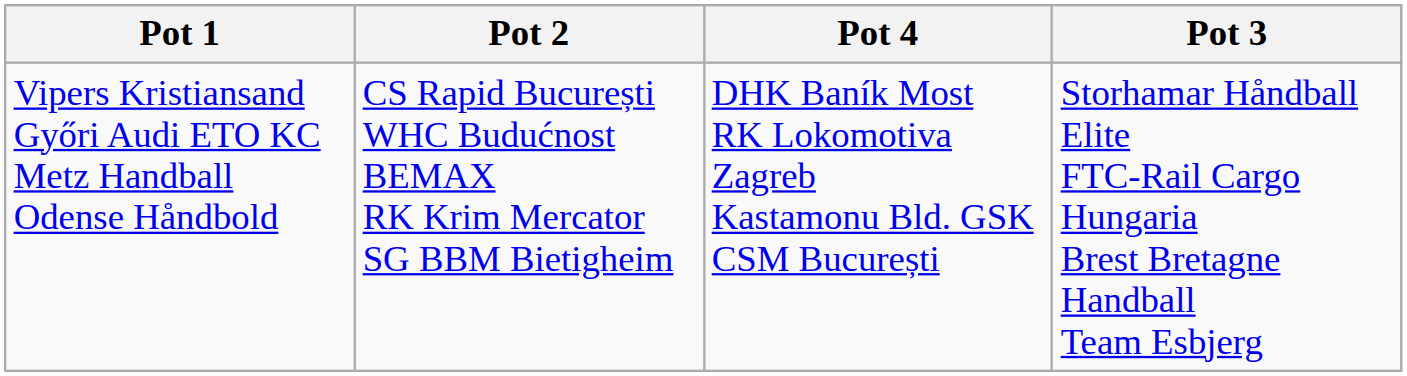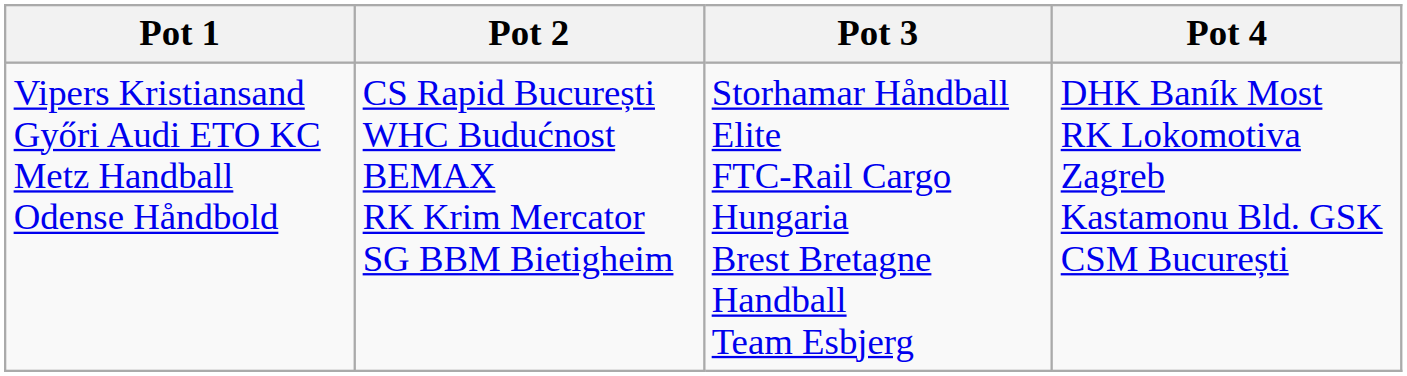 <table class="wikitable">
 <tr>
 <th style="width:25%;">Pot 1</th>
 <th style="width:25%;">Pot 2</th>
+<th style="width:25%;">Pot 3</th>
 <th style="width:25%;">Pot 4</th>
-<th style="width:25%;">Pot 3</th>
 </tr>
 <tr>
 <td valign="top"> <a href='#'>Vipers Kristiansand</a><br> <a href='#'>Győri Audi ETO KC</a><br> <a href='#'>Metz Handball</a><br> <a href='#'>Odense Håndbold</a></td>
 <td valign="top"> <a href='#'>CS Rapid București</a><br> <a href='#'>WHC Budućnost BEMAX</a><br> <a href='#'>RK Krim Mercator</a><br> <a href='#'>SG BBM Bietigheim</a></td>
+<td valign="top"> <a href='#'>Storhamar Håndball Elite</a><br> <a href='#'>FTC-Rail Cargo Hungaria</a><br> <a href='#'>Brest Bretagne Handball</a><br> <a href='#'>Team Esbjerg</a></td>
 <td valign="top"> <a href='#'>DHK Baník Most</a><br> <a href='#'>RK Lokomotiva Zagreb</a><br> <a href='#'>Kastamonu Bld. GSK</a><br> <a href='#'>CSM București</a></td>
-<td valign="top"> <a href='#'>Storhamar Håndball Elite</a><br> <a href='#'>FTC-Rail Cargo Hungaria</a><br> <a href='#'>Brest Bretagne Handball</a><br> <a href='#'>Team Esbjerg</a></td>
 </tr>
 </table>
